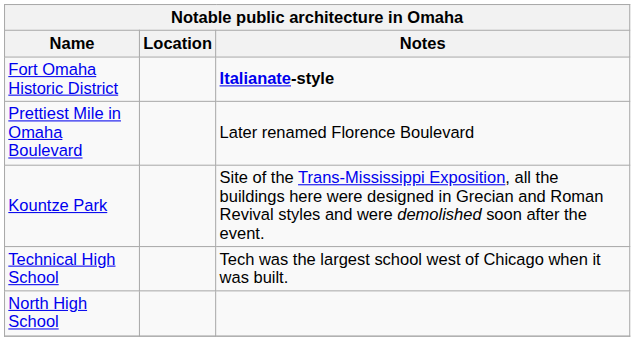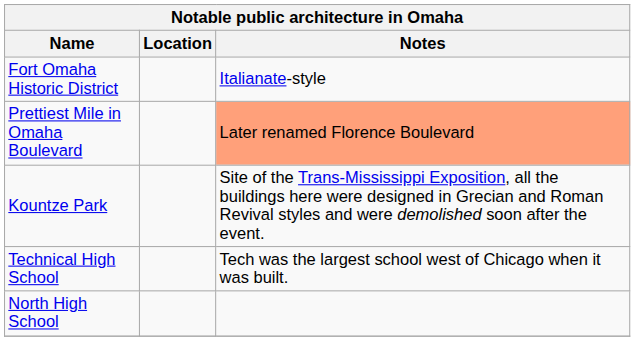 <table class="wikitable">
 <tr>
 <th align="center" colspan="6"><strong>Notable public architecture in Omaha</strong></th>
 </tr>
 <tr>
 <th>Name</th>
 <th>Location</th>
 <th>Notes</th>
 </tr>
 <tr>
 <td><a href='#'>Fort Omaha Historic District</a></td>
 <td></td>
-<td><strong><a href='#'>Italianate</a>-style</strong></td>
+<td><a href='#'>Italianate</a>-style</td>
 </tr>
 <tr>
 <td><a href='#'>Prettiest Mile in Omaha Boulevard</a></td>
 <td></td>
-<td>Later renamed Florence Boulevard</td>
+<td style="background: lightsalmon;">Later renamed Florence Boulevard</td>
 </tr>
 <tr>
 <td><a href='#'>Kountze Park</a></td>
 <td></td>
 <td>Site of the <a href='#'>Trans-Mississippi Exposition</a>, all the buildings here were designed in Grecian and Roman Revival styles and were <em>demolished</em> soon after the event.</td>
 </tr>
 <tr>
 <td><a href='#'>Technical High School</a></td>
 <td></td>
 <td>Tech was the largest school west of Chicago when it was built.</td>
 </tr>
 <tr>
 <td><a href='#'>North High School</a></td>
 <td></td>
 <td></td>
 </tr>
 <tr>
 </tr>
 </table>
